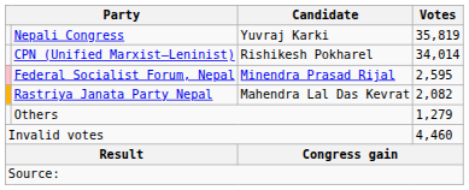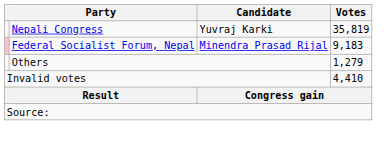 <table class="wikitable">
 <tr>
 <th colspan="2">Party</th>
 <th>Candidate</th>
 <th>Votes</th>
 </tr>
 <tr>
 <td style="background-color:"></td>
 <td><a href='#'>Nepali Congress</a></td>
 <td>Yuvraj Karki</td>
 <td>35,819</td>
 </tr>
 <tr>
-<td style="background-color:"></td>
-<td><a href='#'>CPN (Unified Marxist–Leninist)</a></td>
-<td>Rishikesh Pokharel</td>
-<td>34,014</td>
-</tr>
-<tr>
 <td style="background-color:pink"></td>
 <td><a href='#'>Federal Socialist Forum, Nepal</a></td>
 <td><a href='#'>Minendra Prasad Rijal</a></td>
-<td>2,595</td>
-</tr>
-<tr>
-<td style="background-color:#ffb300"></td>
-<td><a href='#'>Rastriya Janata Party Nepal</a></td>
-<td>Mahendra Lal Das Kevrat</td>
-<td>2,082</td>
+<td>9,183</td>
 </tr>
 <tr>
 <td></td>
 <td colspan="2">Others</td>
 <td>1,279</td>
 </tr>
 <tr>
 <td colspan="3">Invalid votes</td>
-<td>4,460</td>
+<td>4,410</td>
 </tr>
 <tr>
 <th colspan="2">Result</th>
 <th colspan="2">Congress gain</th>
 </tr>
 <tr>
 <td colspan="4">Source: </td>
 </tr>
 </table>
